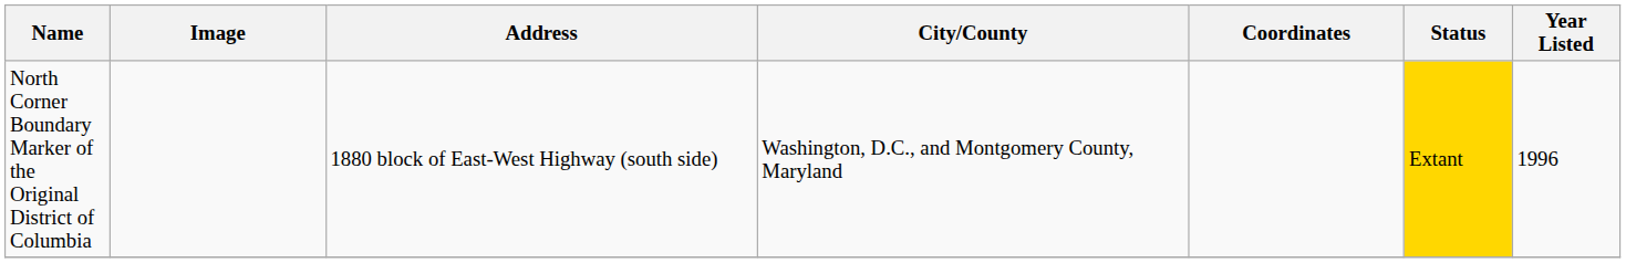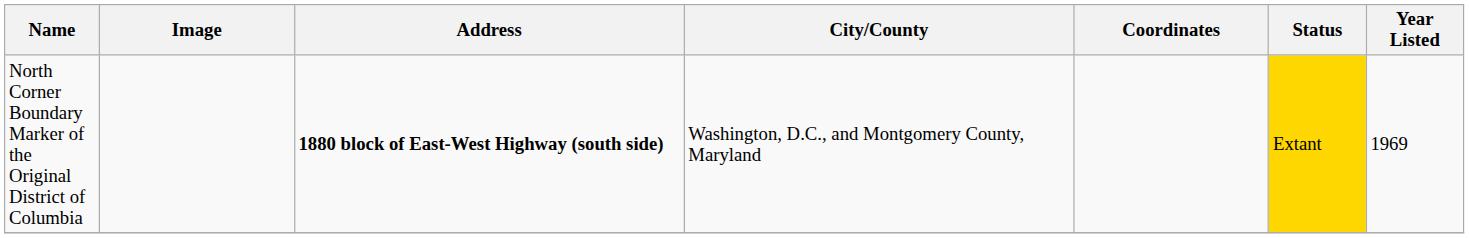 <table class="wikitable" style="width:auto">
 <tr>
 <th style="width:2.5%"><strong>Name</strong></th>
 <th style="width:10%"><strong>Image</strong></th>
 <th style="width:20%"><strong>Address</strong></th>
 <th style="width:20%"><strong>City/County</strong></th>
 <th style="width:10%"><strong>Coordinates</strong></th>
 <th style="width:5%"><strong>Status</strong></th>
 <th style="width:5%"><strong>Year<br>Listed</strong></th>
 </tr>
 <tr>
 <td>North Corner Boundary Marker of the Original District of Columbia</td>
 <td><br></td>
-<td>1880 block of East-West Highway (south side)</td>
+<td><strong>1880 block of East-West Highway (south side)</strong></td>
 <td>Washington, D.C., and Montgomery County, Maryland</td>
 <td></td>
 <td style="background: gold;">Extant</td>
-<td>1996</td>
+<td>1969</td>
 </tr>
 <tr>
 </tr>
 </table>
